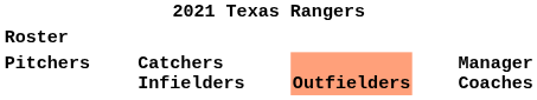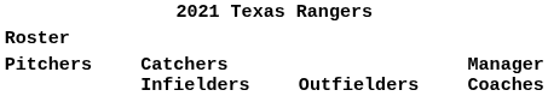 <table class="toccolours" style="font-size: 95%;">
 <tr>
 <th colspan="10">2021 Texas Rangers</th>
 </tr>
 <tr>
 <td colspan="10"><strong>Roster</strong></td>
 </tr>
 <tr>
 <td valign="top"><strong>Pitchers</strong><br>                             </td>
 <td style="width:25px;"></td>
 <td valign="top"><strong>Catchers</strong><br>    <strong>Infielders</strong>           </td>
 <td width="25px"></td>
-<td valign="top" style="background: lightsalmon;"><br><strong>Outfielders</strong>         </td>
+<td valign="top"><br><strong>Outfielders</strong>         </td>
 <td style="width:25px;"></td>
 <td valign="top"><strong>Manager</strong><br> <strong>Coaches</strong>                  </td>
 </tr>
 </table>
